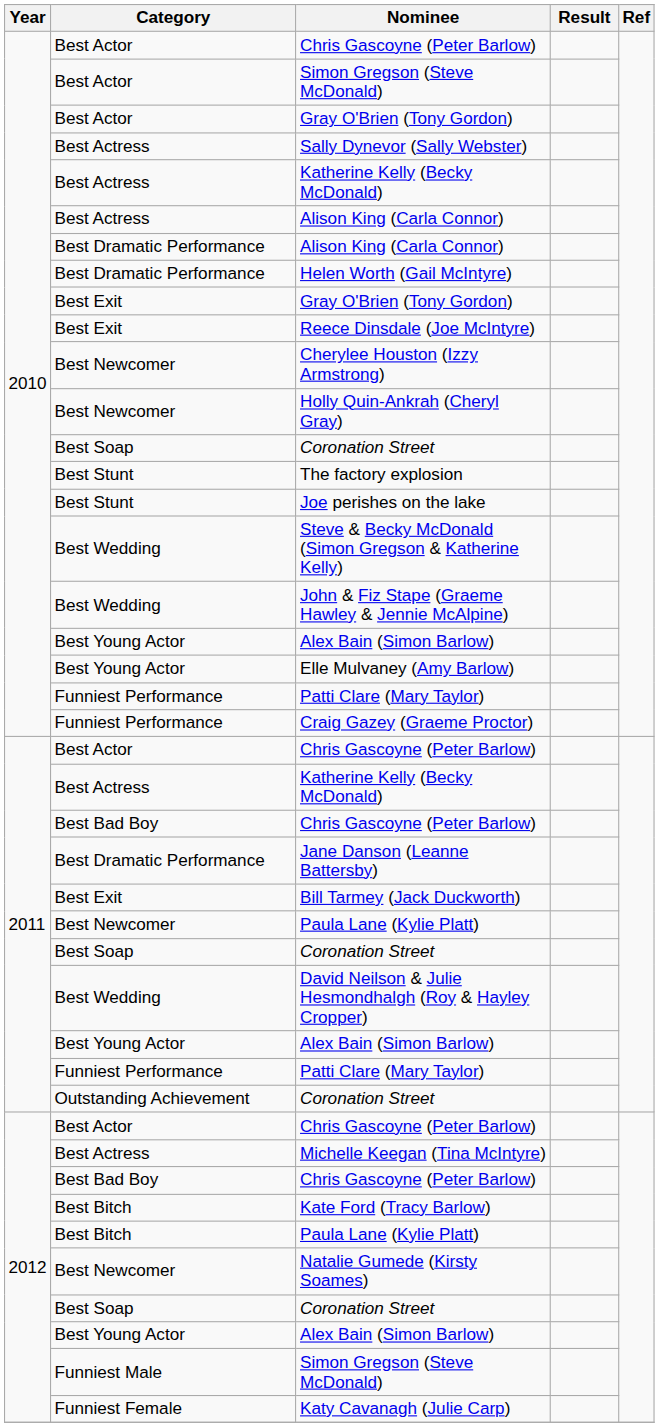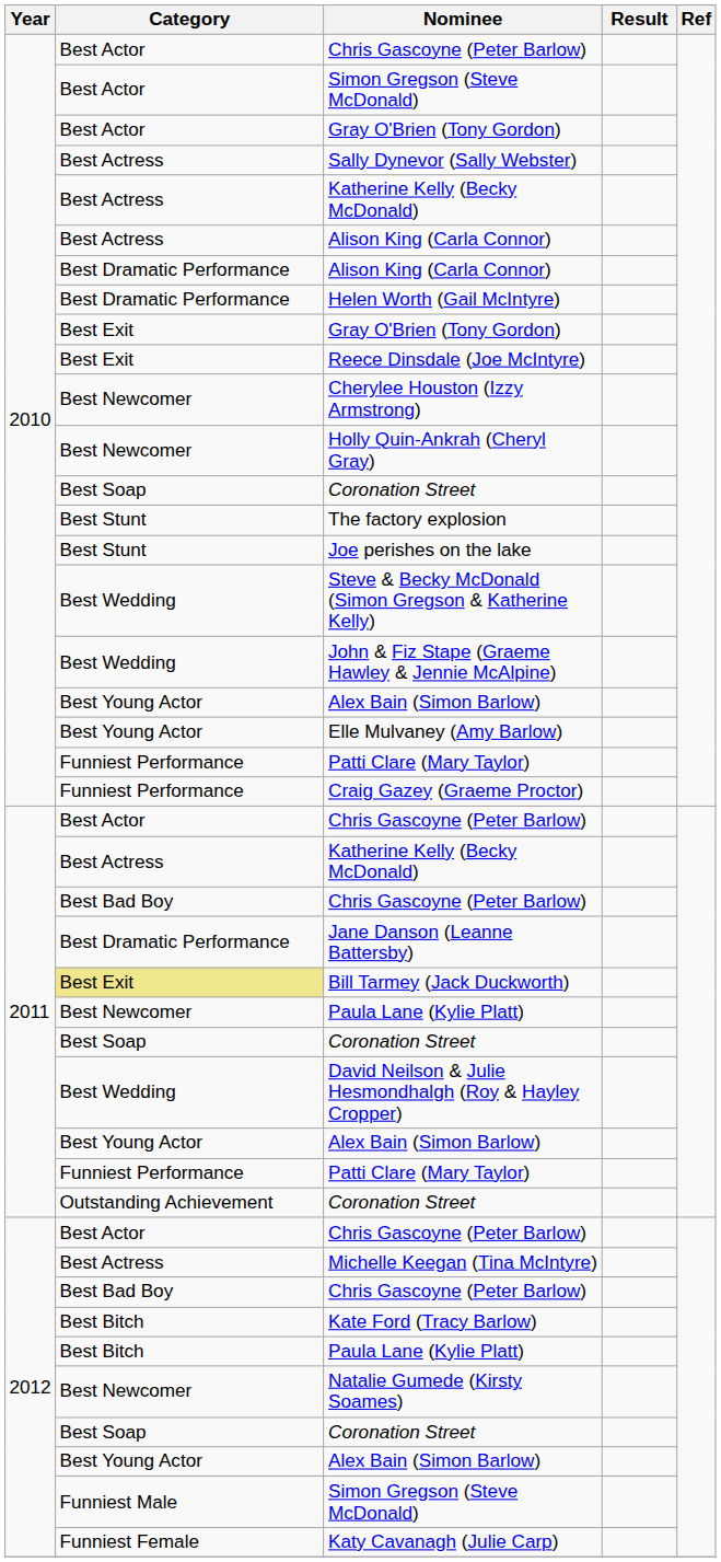 <table class="wikitable">
 <tr>
 <th>Year</th>
 <th width="370">Category</th>
 <th width="370">Nominee</th>
 <th width="65">Result</th>
 <th>Ref</th>
 </tr>
 <tr>
 <td rowspan="21">2010</td>
 <td>Best Actor</td>
 <td><a href='#'>Chris Gascoyne</a> (<a href='#'>Peter Barlow</a>)</td>
 <td></td>
 <td align="center" rowspan="21"><br></td>
 </tr>
 <tr>
 <td>Best Actor</td>
 <td><a href='#'>Simon Gregson</a> (<a href='#'>Steve McDonald</a>)</td>
 <td></td>
 </tr>
 <tr>
 <td>Best Actor</td>
 <td><a href='#'>Gray O'Brien</a> (<a href='#'>Tony Gordon</a>)</td>
 <td></td>
 </tr>
 <tr>
 <td>Best Actress</td>
 <td><a href='#'>Sally Dynevor</a> (<a href='#'>Sally Webster</a>)</td>
 <td></td>
 </tr>
 <tr>
 <td>Best Actress</td>
 <td><a href='#'>Katherine Kelly</a> (<a href='#'>Becky McDonald</a>)</td>
 <td></td>
 </tr>
 <tr>
 <td>Best Actress</td>
 <td><a href='#'>Alison King</a> (<a href='#'>Carla Connor</a>)</td>
 <td></td>
 </tr>
 <tr>
 <td>Best Dramatic Performance</td>
 <td><a href='#'>Alison King</a> (<a href='#'>Carla Connor</a>)</td>
 <td></td>
 </tr>
 <tr>
 <td>Best Dramatic Performance</td>
 <td><a href='#'>Helen Worth</a> (<a href='#'>Gail McIntyre</a>)</td>
 <td></td>
 </tr>
 <tr>
 <td>Best Exit</td>
 <td><a href='#'>Gray O'Brien</a> (<a href='#'>Tony Gordon</a>)</td>
 <td></td>
 </tr>
 <tr>
 <td>Best Exit</td>
 <td><a href='#'>Reece Dinsdale</a> (<a href='#'>Joe McIntyre</a>)</td>
 <td></td>
 </tr>
 <tr>
 <td>Best Newcomer</td>
 <td><a href='#'>Cherylee Houston</a> (<a href='#'>Izzy Armstrong</a>)</td>
 <td></td>
 </tr>
 <tr>
 <td>Best Newcomer</td>
 <td><a href='#'>Holly Quin-Ankrah</a> (<a href='#'>Cheryl Gray</a>)</td>
 <td></td>
 </tr>
 <tr>
 <td>Best Soap</td>
 <td><em>Coronation Street</em></td>
 <td></td>
 </tr>
 <tr>
 <td>Best Stunt</td>
 <td>The factory explosion</td>
 <td></td>
 </tr>
 <tr>
 <td>Best Stunt</td>
 <td><a href='#'>Joe</a> perishes on the lake</td>
 <td></td>
 </tr>
 <tr>
 <td>Best Wedding</td>
 <td><a href='#'>Steve</a> & <a href='#'>Becky McDonald</a> (<a href='#'>Simon Gregson</a> & <a href='#'>Katherine Kelly</a>)</td>
 <td></td>
 </tr>
 <tr>
 <td>Best Wedding</td>
 <td><a href='#'>John</a> & <a href='#'>Fiz Stape</a> (<a href='#'>Graeme Hawley</a> & <a href='#'>Jennie McAlpine</a>)</td>
 <td></td>
 </tr>
 <tr>
 <td>Best Young Actor</td>
 <td><a href='#'>Alex Bain</a> (<a href='#'>Simon Barlow</a>)</td>
 <td></td>
 </tr>
 <tr>
 <td>Best Young Actor</td>
 <td>Elle Mulvaney (<a href='#'>Amy Barlow</a>)</td>
 <td></td>
 </tr>
 <tr>
 <td>Funniest Performance</td>
 <td><a href='#'>Patti Clare</a> (<a href='#'>Mary Taylor</a>)</td>
 <td></td>
 </tr>
 <tr>
 <td>Funniest Performance</td>
 <td><a href='#'>Craig Gazey</a> (<a href='#'>Graeme Proctor</a>)</td>
 <td></td>
 </tr>
 <tr>
 <td rowspan="11">2011</td>
 <td>Best Actor</td>
 <td><a href='#'>Chris Gascoyne</a> (<a href='#'>Peter Barlow</a>)</td>
 <td></td>
 <td align="center" rowspan="11"></td>
 </tr>
 <tr>
 <td>Best Actress</td>
 <td><a href='#'>Katherine Kelly</a> (<a href='#'>Becky McDonald</a>)</td>
 <td></td>
 </tr>
 <tr>
 <td>Best Bad Boy</td>
 <td><a href='#'>Chris Gascoyne</a> (<a href='#'>Peter Barlow</a>)</td>
 <td></td>
 </tr>
 <tr>
 <td>Best Dramatic Performance</td>
 <td><a href='#'>Jane Danson</a> (<a href='#'>Leanne Battersby</a>)</td>
 <td></td>
 </tr>
 <tr>
-<td>Best Exit</td>
+<td style="background: khaki;">Best Exit</td>
 <td><a href='#'>Bill Tarmey</a> (<a href='#'>Jack Duckworth</a>)</td>
 <td></td>
 </tr>
 <tr>
 <td>Best Newcomer</td>
 <td><a href='#'>Paula Lane</a> (<a href='#'>Kylie Platt</a>)</td>
 <td></td>
 </tr>
 <tr>
 <td>Best Soap</td>
 <td><em>Coronation Street</em></td>
 <td></td>
 </tr>
 <tr>
 <td>Best Wedding</td>
 <td><a href='#'>David Neilson</a> & <a href='#'>Julie Hesmondhalgh</a> (<a href='#'>Roy</a> & <a href='#'>Hayley Cropper</a>)</td>
 <td></td>
 </tr>
 <tr>
 <td>Best Young Actor</td>
 <td><a href='#'>Alex Bain</a> (<a href='#'>Simon Barlow</a>)</td>
 <td></td>
 </tr>
 <tr>
 <td>Funniest Performance</td>
 <td><a href='#'>Patti Clare</a> (<a href='#'>Mary Taylor</a>)</td>
 <td></td>
 </tr>
 <tr>
 <td>Outstanding Achievement</td>
 <td><em>Coronation Street</em></td>
 <td></td>
 </tr>
 <tr>
 <td rowspan="10">2012</td>
 <td>Best Actor</td>
 <td><a href='#'>Chris Gascoyne</a> (<a href='#'>Peter Barlow</a>)</td>
 <td></td>
 <td align="center" rowspan="10"></td>
 </tr>
 <tr>
 <td>Best Actress</td>
 <td><a href='#'>Michelle Keegan</a> (<a href='#'>Tina McIntyre</a>)</td>
 <td></td>
 </tr>
 <tr>
 <td>Best Bad Boy</td>
 <td><a href='#'>Chris Gascoyne</a> (<a href='#'>Peter Barlow</a>)</td>
 <td></td>
 </tr>
 <tr>
 <td>Best Bitch</td>
 <td><a href='#'>Kate Ford</a> (<a href='#'>Tracy Barlow</a>)</td>
 <td></td>
 </tr>
 <tr>
 <td>Best Bitch</td>
 <td><a href='#'>Paula Lane</a> (<a href='#'>Kylie Platt</a>)</td>
 <td></td>
 </tr>
 <tr>
 <td>Best Newcomer</td>
 <td><a href='#'>Natalie Gumede</a> (<a href='#'>Kirsty Soames</a>)</td>
 <td></td>
 </tr>
 <tr>
 <td>Best Soap</td>
 <td><em>Coronation Street</em></td>
 <td></td>
 </tr>
 <tr>
 <td>Best Young Actor</td>
 <td><a href='#'>Alex Bain</a> (<a href='#'>Simon Barlow</a>)</td>
 <td></td>
 </tr>
 <tr>
 <td>Funniest Male</td>
 <td><a href='#'>Simon Gregson</a> (<a href='#'>Steve McDonald</a>)</td>
 <td></td>
 </tr>
 <tr>
 <td>Funniest Female</td>
 <td><a href='#'>Katy Cavanagh</a> (<a href='#'>Julie Carp</a>)</td>
 <td></td>
 </tr>
 <tr>
 </tr>
 </table>
